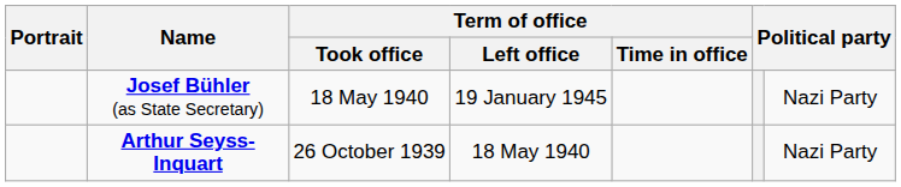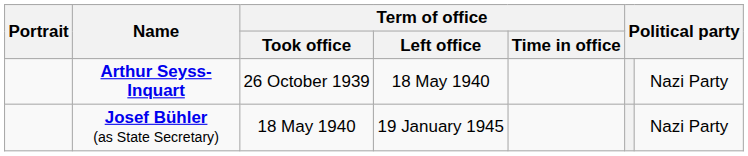 <table class="wikitable" style="text-align:center">
 <tr>
 <th rowspan=2>Portrait</th>
 <th rowspan=2 width=150>Name<br></th>
 <th colspan=3>Term of office</th>
 <th colspan=2 rowspan=2>Political party</th>
 </tr>
 <tr>
 <th>Took office</th>
 <th>Left office</th>
 <th>Time in office</th>
 </tr>
 <tr>
 <td></td>
+<td><strong><a href='#'>Arthur Seyss-Inquart</a></strong><br></td>
+<td>26 October 1939</td>
+<td>18 May 1940</td>
+<td></td>
+<th style="background:"></th>
+<td>Nazi Party</td>
+</tr>
+<tr>
+<td></td>
 <td><strong><a href='#'>Josef Bühler</a></strong><br><small>(as State Secretary)</small><br></td>
 <td>18 May 1940</td>
 <td>19 January 1945</td>
 <td></td>
 <th style="background:"></th>
 <td>Nazi Party</td>
 </tr>
-<tr>
-<td></td>
-<td><strong><a href='#'>Arthur Seyss-Inquart</a></strong><br></td>
-<td>26 October 1939</td>
-<td>18 May 1940</td>
-<td></td>
-<th style="background:"></th>
-<td>Nazi Party</td>
-</tr>
 </table>
